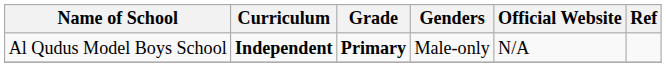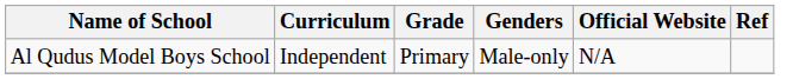 <table class="wikitable">
 <tr>
 <th>Name of School</th>
 <th>Curriculum</th>
 <th>Grade</th>
 <th>Genders</th>
 <th>Official Website</th>
 <th>Ref</th>
 </tr>
 <tr>
 <td>Al Qudus Model Boys School</td>
-<td><strong>Independent</strong></td>
-<td><strong>Primary</strong></td>
+<td>Independent</td>
+<td>Primary</td>
 <td>Male-only</td>
 <td>N/A</td>
 <td></td>
 </tr>
 <tr>
 </tr>
 </table>
